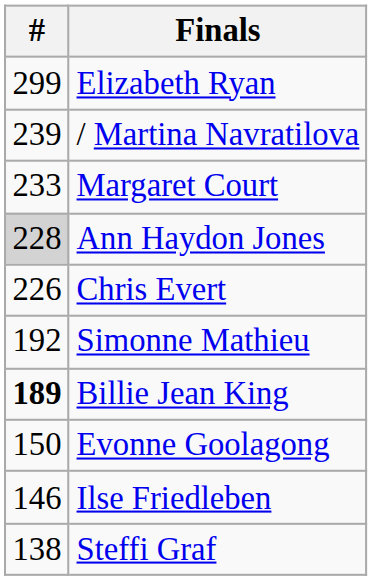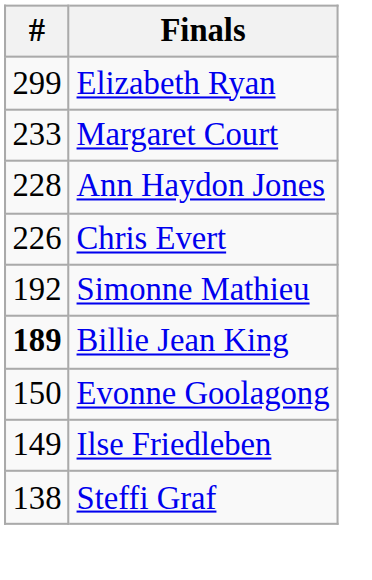 <table class=wikitable style="display:inline-table;">
 <tr>
 <th>#</th>
 <th>Finals</th>
 </tr>
 <tr>
 <td>299</td>
 <td> <a href='#'>Elizabeth Ryan</a></td>
 </tr>
 <tr>
-<td>239</td>
-<td>/ <a href='#'>Martina Navratilova</a></td>
-</tr>
-<tr>
 <td>233</td>
 <td> <a href='#'>Margaret Court</a></td>
 </tr>
 <tr>
-<td style="background: lightgrey;">228</td>
+<td>228</td>
 <td> <a href='#'>Ann Haydon Jones</a></td>
 </tr>
 <tr>
 <td>226</td>
 <td> <a href='#'>Chris Evert</a></td>
 </tr>
 <tr>
 <td>192</td>
 <td> <a href='#'>Simonne Mathieu</a></td>
 </tr>
 <tr>
 <td><strong>189</strong></td>
 <td> <a href='#'>Billie Jean King</a></td>
 </tr>
 <tr>
 <td>150</td>
 <td> <a href='#'>Evonne Goolagong</a></td>
 </tr>
 <tr>
-<td>146</td>
+<td>149</td>
 <td> <a href='#'>Ilse Friedleben</a></td>
 </tr>
 <tr>
 <td>138</td>
 <td> <a href='#'>Steffi Graf</a></td>
 </tr>
 </table>
